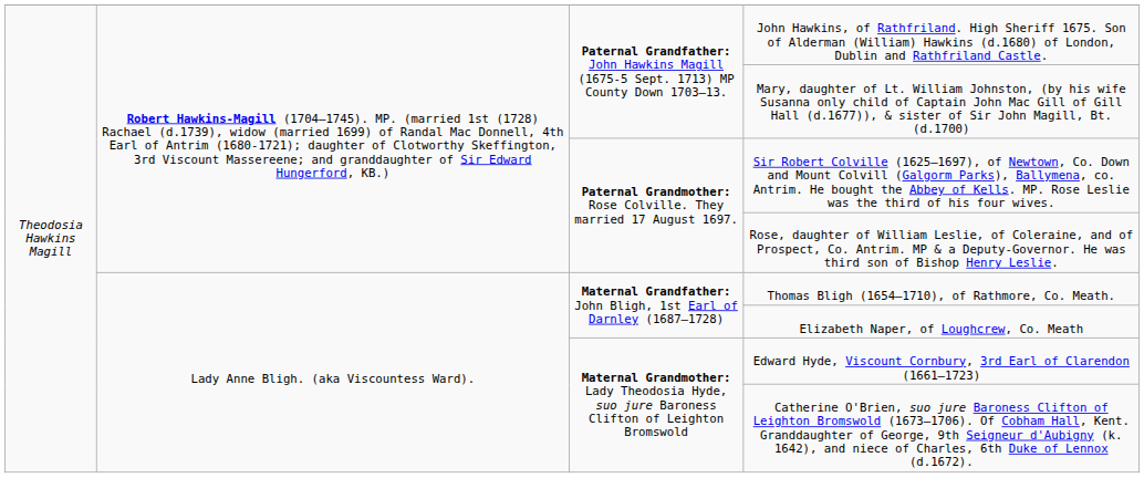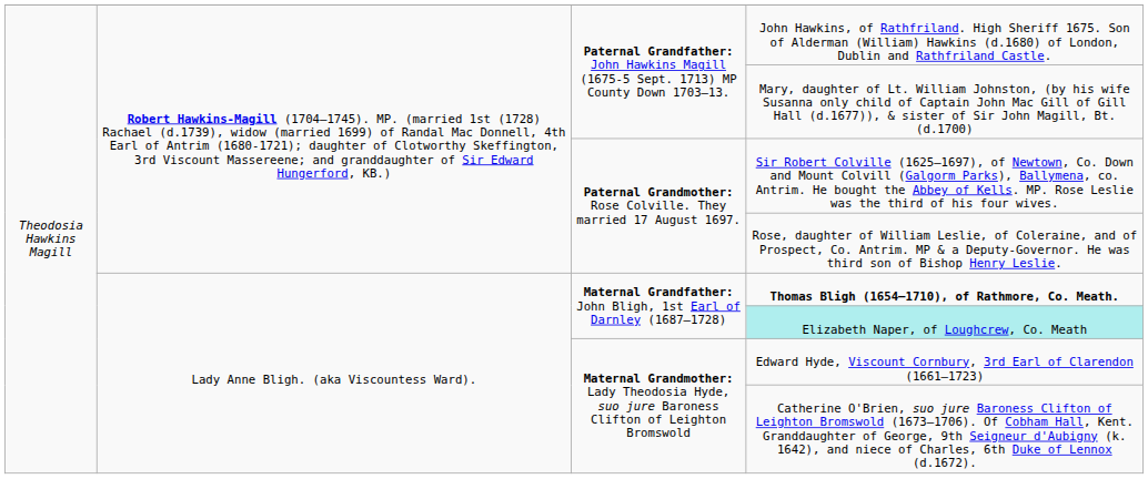 <table class="wikitable">
 <tr>
 </tr>
 <tr>
 <td rowspan="8" align="center"><em>Theodosia Hawkins Magill</em></td>
 <td rowspan="4" align="center"><br><strong><a href='#'>Robert Hawkins-Magill</a></strong> (1704–1745). MP. (married 1st (1728) Rachael (d.1739), widow (married 1699) of Randal Mac Donnell, 4th Earl of Antrim (1680-1721); daughter of Clotworthy Skeffington, 3rd Viscount Massereene; and granddaughter of <a href='#'>Sir Edward Hungerford</a>, KB.)</td>
 <td rowspan="2" align="center"><strong>Paternal Grandfather:</strong><br><a href='#'>John Hawkins Magill</a> (1675-5 Sept. 1713) MP County Down 1703–13.</td>
 <td align="center"><br>John Hawkins, of <a href='#'>Rathfriland</a>. High Sheriff 1675. Son of Alderman (William) Hawkins (d.1680) of London, Dublin and <a href='#'>Rathfriland Castle</a>.</td>
 </tr>
 <tr>
 <td align="center"><br>Mary, daughter of Lt. William Johnston, (by his wife Susanna only child of Captain John Mac Gill of Gill Hall (d.1677)), & sister of Sir John Magill, Bt. (d.1700)</td>
 </tr>
 <tr>
 <td rowspan="2" align="center"><strong>Paternal Grandmother:</strong><br>Rose Colville. They married 17 August 1697.</td>
 <td align="center"><br><a href='#'>Sir Robert Colville</a> (1625–1697), of <a href='#'>Newtown</a>, Co. Down and Mount Colvill (<a href='#'>Galgorm Parks</a>), <a href='#'>Ballymena</a>, co. Antrim. He bought the <a href='#'>Abbey of Kells</a>. MP. Rose Leslie was the third of his four wives.</td>
 </tr>
 <tr>
 <td align="center"><br>Rose, daughter of William Leslie, of Coleraine, and of Prospect, Co. Antrim. MP & a Deputy-Governor. He was third son of Bishop <a href='#'>Henry Leslie</a>.</td>
 </tr>
 <tr>
 <td rowspan="4" align="center"><br>Lady Anne Bligh. (aka Viscountess Ward).</td>
 <td rowspan="2" align="center"><strong>Maternal Grandfather:</strong><br>John Bligh, 1st <a href='#'>Earl of Darnley</a> (1687–1728)</td>
-<td align="center"><br>Thomas Bligh (1654–1710), of Rathmore, Co. Meath.</td>
+<td align="center"><strong><br>Thomas Bligh (1654–1710), of Rathmore, Co. Meath.</strong></td>
 </tr>
 <tr>
-<td align="center"><br>Elizabeth Naper, of <a href='#'>Loughcrew</a>, Co. Meath</td>
+<td align="center" style="background: paleturquoise;"><br>Elizabeth Naper, of <a href='#'>Loughcrew</a>, Co. Meath</td>
 </tr>
 <tr>
 <td rowspan="2" align="center"><strong>Maternal Grandmother:</strong><br>Lady Theodosia Hyde, <em>suo jure</em> Baroness Clifton of Leighton Bromswold</td>
 <td align="center"><br>Edward Hyde, <a href='#'>Viscount Cornbury</a>, <a href='#'>3rd Earl of Clarendon</a> (1661–1723)</td>
 </tr>
 <tr>
 <td align="center"><br>Catherine O'Brien, <em>suo jure</em> <a href='#'>Baroness Clifton of Leighton Bromswold</a> (1673–1706). Of <a href='#'>Cobham Hall</a>, Kent. Granddaughter of George, 9th <a href='#'>Seigneur d'Aubigny</a> (k. 1642), and niece of Charles, 6th <a href='#'>Duke of Lennox</a> (d.1672).</td>
 </tr>
 </table>
